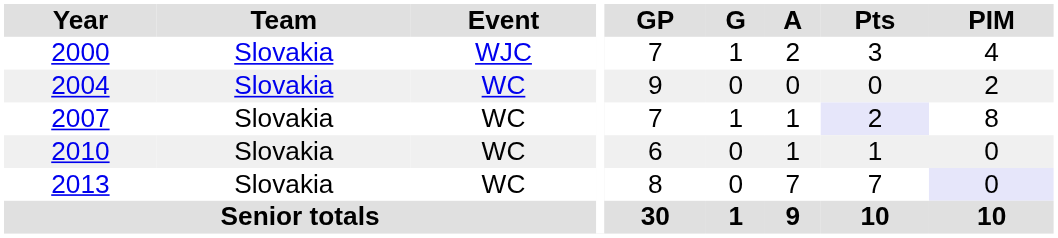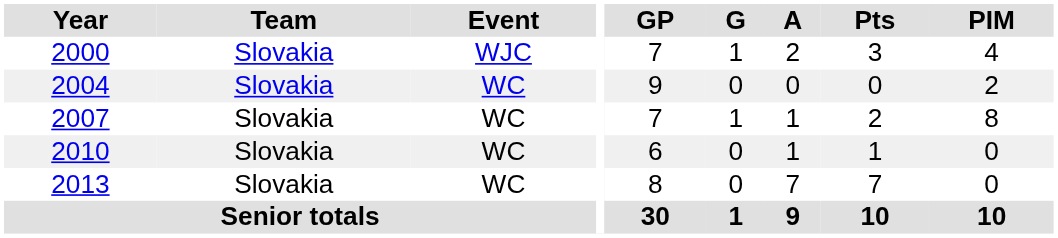 <table border="0" cellpadding="1" cellspacing="0" ID="Table3" style="text-align:center; width:40em">
 <tr ALIGN="center" bgcolor="#e0e0e0">
 <th>Year</th>
 <th>Team</th>
 <th>Event</th>
 <th rowspan="99" bgcolor="#ffffff"></th>
 <th>GP</th>
 <th>G</th>
 <th>A</th>
 <th>Pts</th>
 <th>PIM</th>
 </tr>
 <tr>
 <td><a href='#'>2000</a></td>
 <td><a href='#'>Slovakia</a></td>
 <td><a href='#'>WJC</a></td>
 <td>7</td>
 <td>1</td>
 <td>2</td>
 <td>3</td>
 <td>4</td>
 </tr>
 <tr bgcolor="#f0f0f0">
 <td><a href='#'>2004</a></td>
 <td><a href='#'>Slovakia</a></td>
 <td><a href='#'>WC</a></td>
 <td>9</td>
 <td>0</td>
 <td>0</td>
 <td>0</td>
 <td>2</td>
 </tr>
 <tr>
 <td><a href='#'>2007</a></td>
 <td>Slovakia</td>
 <td>WC</td>
 <td>7</td>
 <td>1</td>
 <td>1</td>
-<td style="background: lavender;">2</td>
+<td>2</td>
 <td>8</td>
 </tr>
 <tr bgcolor="#f0f0f0">
 <td><a href='#'>2010</a></td>
 <td>Slovakia</td>
 <td>WC</td>
 <td>6</td>
 <td>0</td>
 <td>1</td>
 <td>1</td>
 <td>0</td>
 </tr>
 <tr>
 <td><a href='#'>2013</a></td>
 <td>Slovakia</td>
 <td>WC</td>
 <td>8</td>
 <td>0</td>
 <td>7</td>
 <td>7</td>
-<td style="background: lavender;">0</td>
+<td>0</td>
 </tr>
 <tr bgcolor="#e0e0e0">
 <th colspan="3">Senior totals</th>
 <th>30</th>
 <th>1</th>
 <th>9</th>
 <th>10</th>
 <th>10</th>
 </tr>
 </table>
